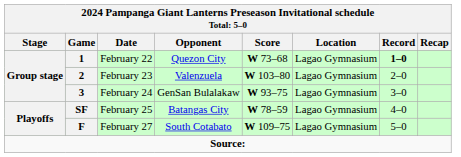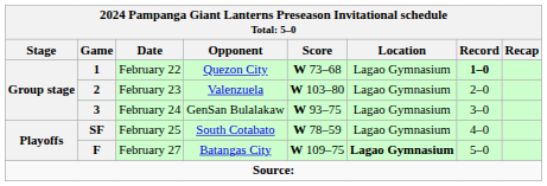 <table class="wikitable" style="text-align:center">
 <tr>
 <th colspan=8>2024 Pampanga Giant Lanterns Preseason Invitational schedule <br> <small> Total: 5–0</small></th>
 </tr>
 <tr>
 <th>Stage</th>
 <th>Game</th>
 <th>Date</th>
 <th>Opponent</th>
 <th>Score</th>
 <th>Location</th>
 <th>Record</th>
 <th>Recap<br></th>
 </tr>
 <tr style="background:#cfc">
 <th rowspan=3>Group stage</th>
 <th>1</th>
 <td>February 22</td>
 <td><a href='#'>Quezon City</a></td>
 <td><strong>W</strong> 73–68</td>
 <td>Lagao Gymnasium</td>
 <td><strong>1–0</strong></td>
 <td></td>
 </tr>
 <tr style="background:#cfc">
 <th>2</th>
 <td>February 23</td>
 <td><a href='#'>Valenzuela</a></td>
 <td><strong>W</strong> 103–80</td>
 <td>Lagao Gymnasium</td>
 <td>2–0</td>
 <td></td>
 </tr>
 <tr style="background:#cfc">
 <th>3</th>
 <td>February 24</td>
 <td>GenSan Bulalakaw</td>
 <td><strong>W</strong> 93–75</td>
 <td>Lagao Gymnasium</td>
 <td>3–0</td>
 <td><br></td>
 </tr>
 <tr style="background:#cfc">
 <th rowspan=2>Playoffs</th>
 <th>SF</th>
 <td>February 25</td>
-<td><a href='#'>Batangas City</a></td>
+<td><a href='#'>South Cotabato</a></td>
 <td><strong>W</strong> 78–59</td>
 <td>Lagao Gymnasium</td>
 <td>4–0</td>
 <td></td>
 </tr>
 <tr style="background:#cfc">
 <th>F</th>
 <td>February 27</td>
-<td><a href='#'>South Cotabato</a></td>
+<td><a href='#'>Batangas City</a></td>
 <td><strong>W</strong> 109–75</td>
-<td>Lagao Gymnasium</td>
+<td><strong>Lagao Gymnasium</strong></td>
 <td>5–0</td>
 <td></td>
 </tr>
 <tr>
 <td colspan=8 align=center><strong>Source: </strong></td>
 </tr>
 </table>
